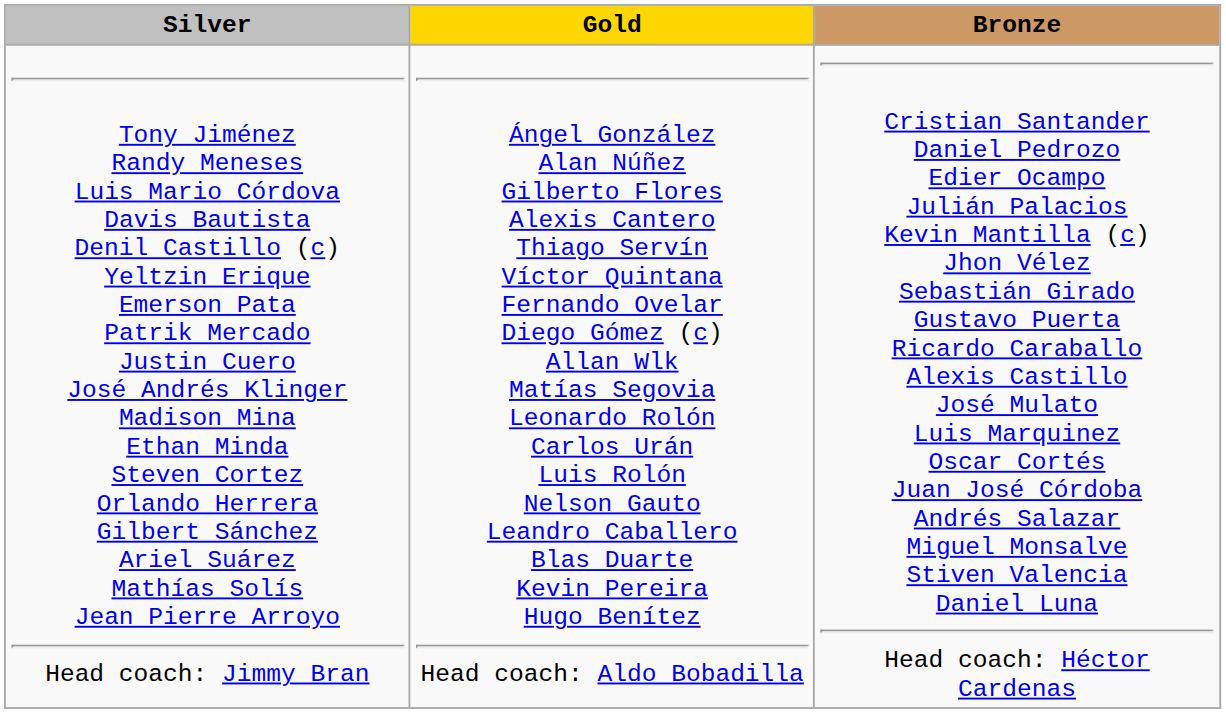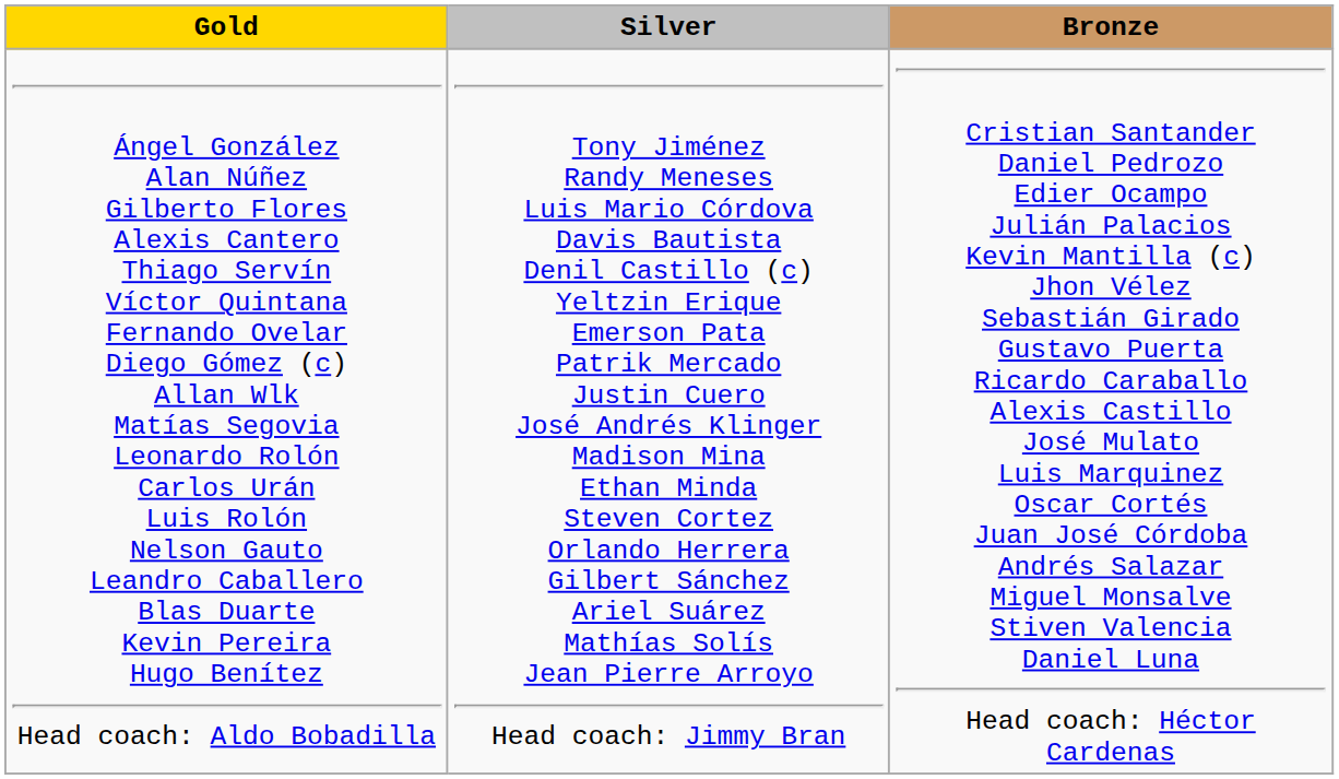 <table class="wikitable" style="text-align:center;">
 <tr>
+<td style="width: 16em;background: gold"><strong>Gold</strong></td>
 <td style="width: 16em;background: silver"><strong>Silver</strong></td>
-<td style="width: 16em;background: gold"><strong>Gold</strong></td>
 <td style="width: 16em;background: #CC9966"><strong>Bronze</strong></td>
 </tr>
 <tr>
+<td align=top><strong></strong><hr><br><a href='#'>Ángel González</a><br><a href='#'>Alan Núñez</a><br><a href='#'>Gilberto Flores</a><br><a href='#'>Alexis Cantero</a><br><a href='#'>Thiago Servín</a><br><a href='#'>Víctor Quintana</a><br><a href='#'>Fernando Ovelar</a><br><a href='#'>Diego Gómez</a> (<a href='#'>c</a>)<br><a href='#'>Allan Wlk</a><br><a href='#'>Matías Segovia</a><br><a href='#'>Leonardo Rolón</a><br><a href='#'>Carlos Urán</a><br><a href='#'>Luis Rolón</a><br><a href='#'>Nelson Gauto</a><br><a href='#'>Leandro Caballero</a><br><a href='#'>Blas Duarte</a><br><a href='#'>Kevin Pereira</a><br><a href='#'>Hugo Benítez</a><br><hr>Head coach: <a href='#'>Aldo Bobadilla</a></td>
 <td align=top><strong></strong><hr><br><a href='#'>Tony Jiménez</a><br><a href='#'>Randy Meneses</a><br><a href='#'>Luis Mario Córdova</a><br><a href='#'>Davis Bautista</a><br><a href='#'>Denil Castillo</a> (<a href='#'>c</a>)<br><a href='#'>Yeltzin Erique</a><br><a href='#'>Emerson Pata</a><br><a href='#'>Patrik Mercado</a><br><a href='#'>Justin Cuero</a><br><a href='#'>José Andrés Klinger</a><br><a href='#'>Madison Mina</a><br><a href='#'>Ethan Minda</a><br><a href='#'>Steven Cortez</a><br><a href='#'>Orlando Herrera</a><br><a href='#'>Gilbert Sánchez</a><br><a href='#'>Ariel Suárez</a><br><a href='#'>Mathías Solís</a><br><a href='#'>Jean Pierre Arroyo</a><br><hr>Head coach: <a href='#'>Jimmy Bran</a></td>
-<td align=top><strong></strong><hr><br><a href='#'>Ángel González</a><br><a href='#'>Alan Núñez</a><br><a href='#'>Gilberto Flores</a><br><a href='#'>Alexis Cantero</a><br><a href='#'>Thiago Servín</a><br><a href='#'>Víctor Quintana</a><br><a href='#'>Fernando Ovelar</a><br><a href='#'>Diego Gómez</a> (<a href='#'>c</a>)<br><a href='#'>Allan Wlk</a><br><a href='#'>Matías Segovia</a><br><a href='#'>Leonardo Rolón</a><br><a href='#'>Carlos Urán</a><br><a href='#'>Luis Rolón</a><br><a href='#'>Nelson Gauto</a><br><a href='#'>Leandro Caballero</a><br><a href='#'>Blas Duarte</a><br><a href='#'>Kevin Pereira</a><br><a href='#'>Hugo Benítez</a><br><hr>Head coach: <a href='#'>Aldo Bobadilla</a></td>
 <td align=top><strong></strong><hr><br><a href='#'>Cristian Santander</a><br><a href='#'>Daniel Pedrozo</a><br><a href='#'>Edier Ocampo</a><br><a href='#'>Julián Palacios</a><br><a href='#'>Kevin Mantilla</a> (<a href='#'>c</a>)<br><a href='#'>Jhon Vélez</a><br><a href='#'>Sebastián Girado</a><br><a href='#'>Gustavo Puerta</a><br><a href='#'>Ricardo Caraballo</a><br><a href='#'>Alexis Castillo</a><br><a href='#'>José Mulato</a><br><a href='#'>Luis Marquinez</a><br><a href='#'>Oscar Cortés</a><br><a href='#'>Juan José Córdoba</a><br><a href='#'>Andrés Salazar</a><br><a href='#'>Miguel Monsalve</a><br><a href='#'>Stiven Valencia</a><br><a href='#'>Daniel Luna</a><br><hr>Head coach: <a href='#'>Héctor Cardenas</a></td>
 </tr>
 </table>
